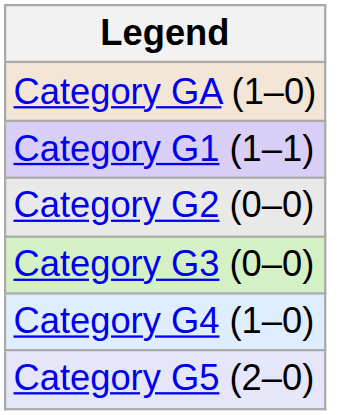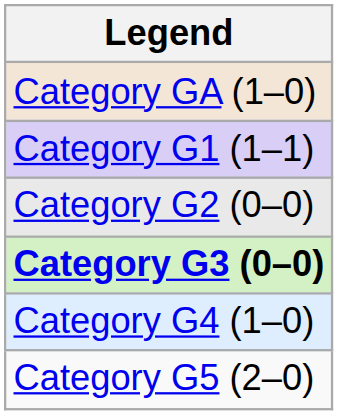 <table class="sortable wikitable">
 <tr>
 <th>Legend</th>
 </tr>
 <tr bgcolor="F3E6D7">
 <td><a href='#'>Category GA</a> (1–0)</td>
 </tr>
 <tr bgcolor="d8cef6">
 <td><a href='#'>Category G1</a> (1–1)</td>
 </tr>
 <tr bgcolor="e9e9e9">
 <td><a href='#'>Category G2</a> (0–0)</td>
 </tr>
 <tr bgcolor="D4F1C5">
-<td><a href='#'>Category G3</a> (0–0)</td>
+<td><strong><a href='#'>Category G3</a> (0–0)</strong></td>
 </tr>
 <tr bgcolor="dfeeff">
 <td><a href='#'>Category G4</a> (1–0)</td>
 </tr>
 <tr>
-<td style="background: lavender;"><a href='#'>Category G5</a> (2–0)</td>
+<td><a href='#'>Category G5</a> (2–0)</td>
 </tr>
 </table>
